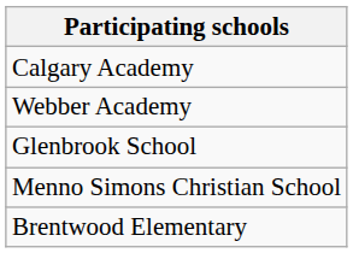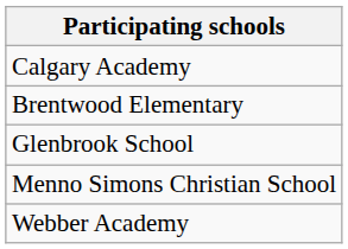 <table class="wikitable" style="float:right;">
 <tr>
 <th>Participating schools</th>
 </tr>
 <tr>
 <td>Calgary Academy</td>
 </tr>
 <tr>
-<td>Webber Academy</td>
+<td>Brentwood Elementary</td>
 </tr>
 <tr>
 <td>Glenbrook School</td>
 </tr>
 <tr>
 <td>Menno Simons Christian School</td>
 </tr>
 <tr>
-<td>Brentwood Elementary</td>
+<td>Webber Academy</td>
 </tr>
 </table>
